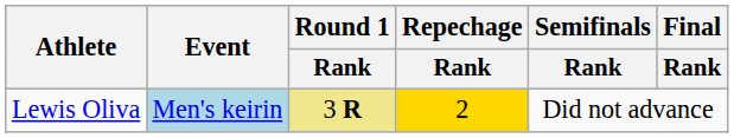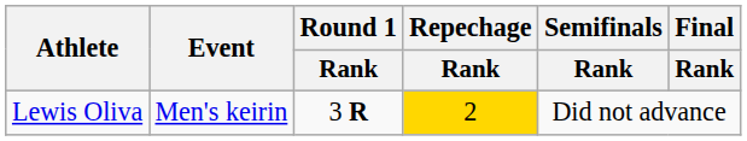 <table class="wikitable" style="font-size:90%;">
 <tr>
 <th rowspan=2>Athlete</th>
 <th rowspan=2>Event</th>
 <th>Round 1</th>
 <th>Repechage</th>
 <th>Semifinals</th>
 <th>Final</th>
 </tr>
 <tr style="font-size:95%">
 <th>Rank</th>
 <th>Rank</th>
 <th>Rank</th>
 <th>Rank</th>
 </tr>
 <tr align=center>
 <td align=left><a href='#'>Lewis Oliva</a></td>
-<td align=left style="background: lightblue;"><a href='#'>Men's keirin</a></td>
-<td style="background: khaki;">3 <strong>R</strong></td>
+<td align=left><a href='#'>Men's keirin</a></td>
+<td>3 <strong>R</strong></td>
 <td style="background: gold;">2</td>
 <td colspan=2>Did not advance</td>
 </tr>
 </table>
